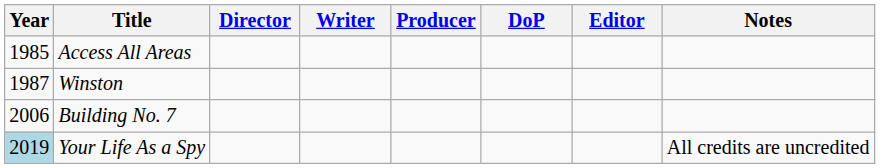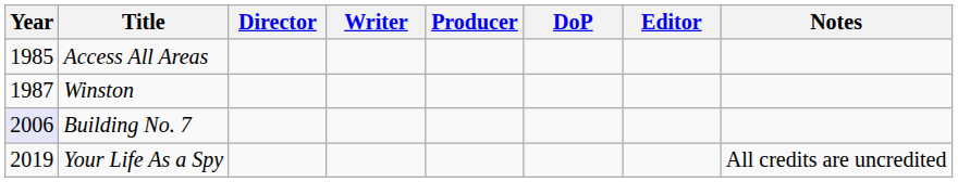 <table class="wikitable sortable">
 <tr>
 <th>Year</th>
 <th>Title</th>
 <th width="65"><a href='#'>Director</a></th>
 <th width="65"><a href='#'>Writer</a></th>
 <th width="65"><a href='#'>Producer</a></th>
 <th width="65"><a href='#'>DoP</a></th>
 <th width="65"><a href='#'>Editor</a></th>
 <th>Notes</th>
 </tr>
 <tr>
 <td>1985</td>
 <td><em>Access All Areas</em></td>
 <td></td>
 <td></td>
 <td></td>
 <td></td>
 <td></td>
 <td></td>
 </tr>
 <tr>
 <td>1987</td>
 <td><em>Winston</em></td>
 <td></td>
 <td></td>
 <td></td>
 <td></td>
 <td></td>
 <td></td>
 </tr>
 <tr>
-<td>2006</td>
+<td style="background: lavender;">2006</td>
 <td><em>Building No. 7</em></td>
 <td></td>
 <td></td>
 <td></td>
 <td></td>
 <td></td>
 </tr>
 <tr>
-<td style="background: lightblue;">2019</td>
+<td>2019</td>
 <td><em>Your Life As a Spy</em></td>
 <td></td>
 <td></td>
 <td></td>
 <td></td>
 <td></td>
 <td>All credits are uncredited</td>
 </tr>
 </table>
